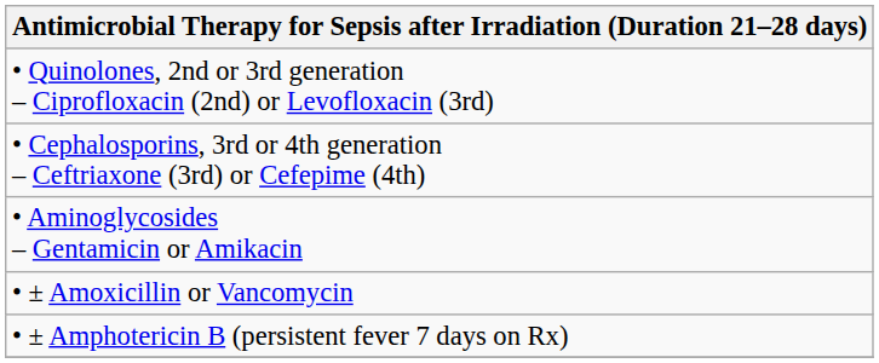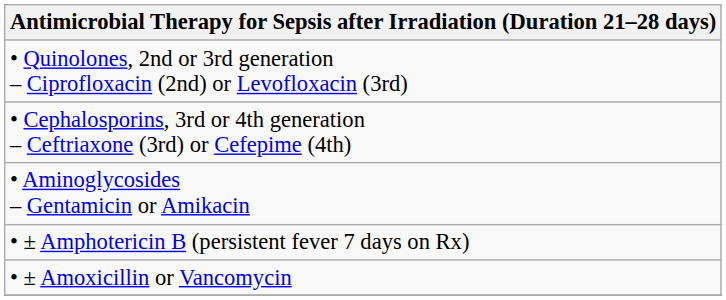 <table class="wikitable">
 <tr>
 <th>Antimicrobial Therapy for Sepsis after Irradiation (Duration 21–28 days)</th>
 </tr>
 <tr>
 <td>•	<a href='#'>Quinolones</a>, 2nd or 3rd generation<br>–	<a href='#'>Ciprofloxacin</a> (2nd) or <a href='#'>Levofloxacin</a> (3rd)</td>
 </tr>
 <tr>
 <td>•	<a href='#'>Cephalosporins</a>, 3rd or 4th generation<br>–	<a href='#'>Ceftriaxone</a> (3rd) or <a href='#'>Cefepime</a> (4th)</td>
 </tr>
 <tr>
 <td>•	<a href='#'>Aminoglycosides</a><br>–	<a href='#'>Gentamicin</a> or <a href='#'>Amikacin</a></td>
 </tr>
 <tr>
-<td>•	± <a href='#'>Amoxicillin</a> or <a href='#'>Vancomycin</a></td>
+<td>•	± <a href='#'>Amphotericin B</a> (persistent fever 7 days on Rx)</td>
 </tr>
 <tr>
-<td>•	± <a href='#'>Amphotericin B</a> (persistent fever 7 days on Rx)</td>
+<td>•	± <a href='#'>Amoxicillin</a> or <a href='#'>Vancomycin</a></td>
 </tr>
 <tr>
 </tr>
 </table>
